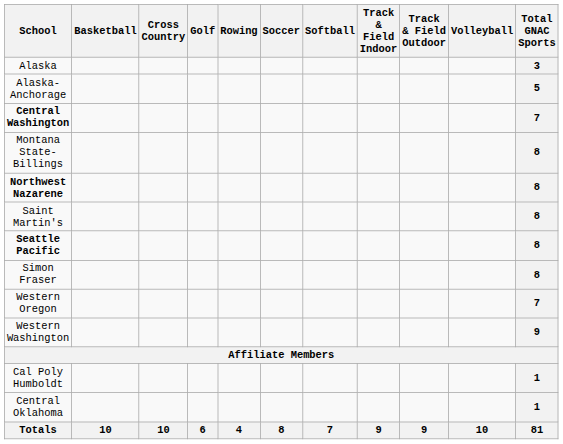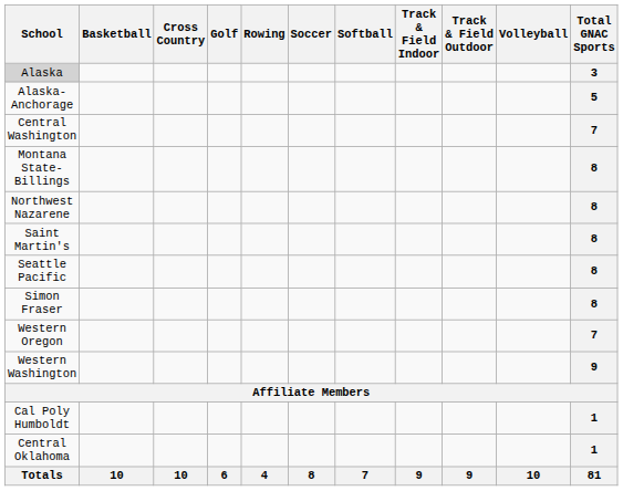 <table class="wikitable" style="text-align:center">
 <tr>
 <th>School</th>
 <th>Basketball</th>
 <th>Cross<br>Country</th>
 <th>Golf</th>
 <th>Rowing</th>
 <th>Soccer</th>
 <th>Softball</th>
 <th>Track<br>& Field<br>Indoor</th>
 <th>Track<br>& Field<br>Outdoor</th>
 <th>Volleyball</th>
 <th>Total<br>GNAC<br>Sports</th>
 </tr>
 <tr>
-<td>Alaska</td>
+<td style="background: lightgrey;">Alaska</td>
 <td></td>
 <td></td>
 <td></td>
 <td></td>
 <td></td>
 <td></td>
 <td></td>
 <td></td>
 <td></td>
 <th>3</th>
 </tr>
 <tr>
 <td>Alaska-Anchorage</td>
 <td></td>
 <td></td>
 <td></td>
 <td></td>
 <td></td>
 <td></td>
 <td></td>
 <td></td>
 <td></td>
 <th>5</th>
 </tr>
 <tr>
-<td><strong>Central Washington</strong></td>
+<td>Central Washington</td>
 <td></td>
 <td></td>
 <td></td>
 <td></td>
 <td></td>
 <td></td>
 <td></td>
 <td></td>
 <td></td>
 <th>7</th>
 </tr>
 <tr>
 <td>Montana State-Billings</td>
 <td></td>
 <td></td>
 <td></td>
 <td></td>
 <td></td>
 <td></td>
 <td></td>
 <td></td>
 <td></td>
 <th>8</th>
 </tr>
 <tr>
-<td><strong>Northwest Nazarene</strong></td>
+<td>Northwest Nazarene</td>
 <td></td>
 <td></td>
 <td></td>
 <td></td>
 <td></td>
 <td></td>
 <td></td>
 <td></td>
 <td></td>
 <th>8</th>
 </tr>
 <tr>
 <td>Saint Martin's</td>
 <td></td>
 <td></td>
 <td></td>
 <td></td>
 <td></td>
 <td></td>
 <td></td>
 <td></td>
 <td></td>
 <th>8</th>
 </tr>
 <tr>
-<td><strong>Seattle Pacific</strong></td>
+<td>Seattle Pacific</td>
 <td></td>
 <td></td>
 <td></td>
 <td></td>
 <td></td>
 <td></td>
 <td></td>
 <td></td>
 <td></td>
 <th>8</th>
 </tr>
 <tr>
 <td>Simon Fraser</td>
 <td></td>
 <td></td>
 <td></td>
 <td></td>
 <td></td>
 <td></td>
 <td></td>
 <td></td>
 <td></td>
 <th>8</th>
 </tr>
 <tr>
 <td>Western Oregon</td>
 <td></td>
 <td></td>
 <td></td>
 <td></td>
 <td></td>
 <td></td>
 <td></td>
 <td></td>
 <td></td>
 <th>7</th>
 </tr>
 <tr>
 <td>Western Washington</td>
 <td></td>
 <td></td>
 <td></td>
 <td></td>
 <td></td>
 <td></td>
 <td></td>
 <td></td>
 <td></td>
 <th>9</th>
 </tr>
 <tr>
 <th colspan="11">Affiliate Members</th>
 </tr>
 <tr>
 <td>Cal Poly Humboldt</td>
 <td></td>
 <td></td>
 <td></td>
 <td></td>
 <td></td>
 <td></td>
 <td></td>
 <td></td>
 <td></td>
 <th>1</th>
 </tr>
 <tr>
 <td>Central Oklahoma</td>
 <td></td>
 <td></td>
 <td></td>
 <td></td>
 <td></td>
 <td></td>
 <td></td>
 <td></td>
 <td></td>
 <th>1</th>
 </tr>
 <tr>
 <th>Totals</th>
 <th>10</th>
 <th>10</th>
 <th>6</th>
 <th>4</th>
 <th>8</th>
 <th>7</th>
 <th>9</th>
 <th>9</th>
 <th>10</th>
 <th>81</th>
 </tr>
 </table>
